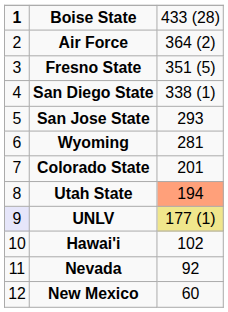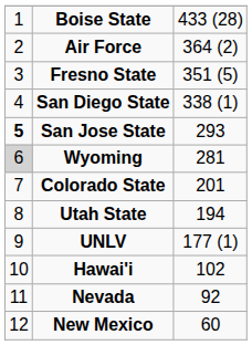 <table class="wikitable" style="display: inline-table;">
 <tr align="center">
 </tr>
 <tr align="center">
-<td><strong>1</strong></td>
+<td>1</td>
 <td><strong>Boise State</strong></td>
 <td>433 (28)</td>
 </tr>
 <tr align="center">
 <td>2</td>
 <td><strong>Air Force</strong></td>
 <td>364 (2)</td>
 </tr>
 <tr align="center">
 <td>3</td>
 <td><strong>Fresno State</strong></td>
 <td>351 (5)</td>
 </tr>
 <tr align="center">
 <td>4</td>
 <td><strong>San Diego State</strong></td>
 <td>338 (1)</td>
 </tr>
 <tr align="center">
-<td>5</td>
+<td><strong>5</strong></td>
 <td><strong>San Jose State</strong></td>
 <td>293</td>
 </tr>
 <tr align="center">
-<td>6</td>
+<td style="background: lightgrey;">6</td>
 <td><strong>Wyoming</strong></td>
 <td>281</td>
 </tr>
 <tr align="center">
 <td>7</td>
 <td><strong>Colorado State</strong></td>
 <td>201</td>
 </tr>
 <tr align="center">
 <td>8</td>
 <td><strong>Utah State</strong></td>
-<td style="background: lightsalmon;">194</td>
+<td>194</td>
 </tr>
 <tr align="center">
-<td style="background: lavender;">9</td>
+<td>9</td>
 <td><strong>UNLV</strong></td>
-<td style="background: khaki;">177 (1)</td>
+<td>177 (1)</td>
 </tr>
 <tr align="center">
 <td>10</td>
 <td><strong>Hawai'i</strong></td>
 <td>102</td>
 </tr>
 <tr align="center">
 <td>11</td>
 <td><strong>Nevada</strong></td>
 <td>92</td>
 </tr>
 <tr align="center">
 <td>12</td>
 <td><strong>New Mexico</strong></td>
 <td>60</td>
 </tr>
 </table>
